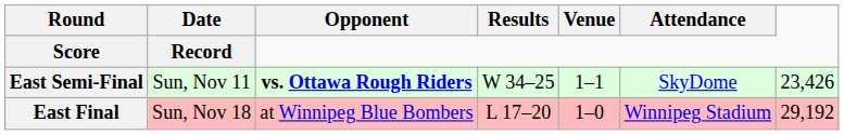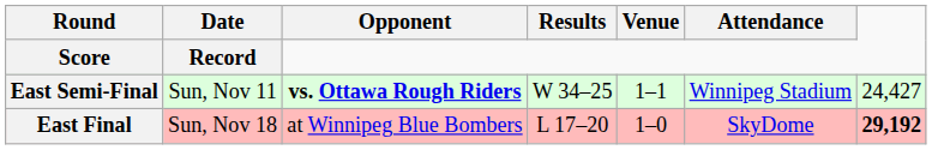 <table class="wikitable" style="text-align:center">
 <tr>
 <th>Round</th>
 <th>Date</th>
 <th>Opponent</th>
 <th>Results</th>
 <th>Venue</th>
 <th>Attendance</th>
 </tr>
 <tr>
 <th>Score</th>
 <th>Record</th>
 </tr>
 <tr style="background:#ddffdd">
 <th>East Semi-Final</th>
 <td>Sun, Nov 11</td>
 <td><strong>vs. <a href='#'>Ottawa Rough Riders</a></strong></td>
 <td>W 34–25</td>
 <td>1–1</td>
-<td><a href='#'>SkyDome</a></td>
-<td>23,426</td>
+<td><a href='#'>Winnipeg Stadium</a></td>
+<td>24,427</td>
 </tr>
 <tr style="background:#ffbbbb">
 <th>East Final</th>
 <td>Sun, Nov 18</td>
 <td>at <a href='#'>Winnipeg Blue Bombers</a></td>
 <td>L 17–20</td>
 <td>1–0</td>
-<td><a href='#'>Winnipeg Stadium</a></td>
-<td>29,192</td>
+<td><a href='#'>SkyDome</a></td>
+<td><strong>29,192</strong></td>
 </tr>
 </table>
